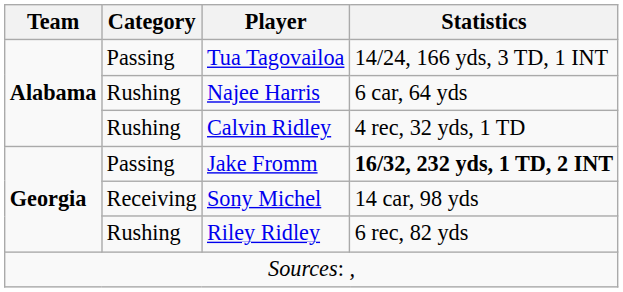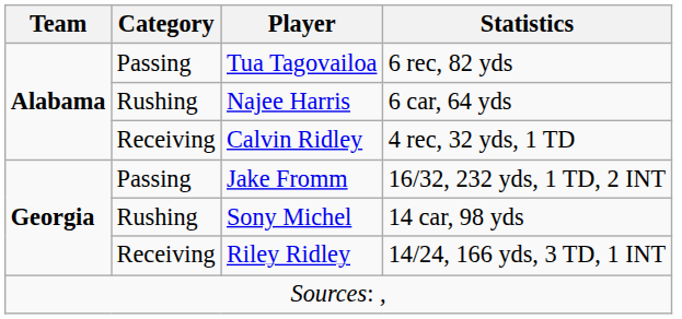 <table class="wikitable">
 <tr>
 <th>Team</th>
 <th>Category</th>
 <th>Player</th>
 <th>Statistics</th>
 </tr>
 <tr>
 <td rowspan=3><strong>Alabama</strong></td>
 <td>Passing</td>
 <td><a href='#'>Tua Tagovailoa</a></td>
-<td>14/24, 166 yds, 3 TD, 1 INT</td>
+<td>6 rec, 82 yds</td>
 </tr>
 <tr>
 <td>Rushing</td>
 <td><a href='#'>Najee Harris</a></td>
 <td>6 car, 64 yds</td>
 </tr>
 <tr>
-<td>Rushing</td>
+<td>Receiving</td>
 <td><a href='#'>Calvin Ridley</a></td>
 <td>4 rec, 32 yds, 1 TD</td>
 </tr>
 <tr>
 <td rowspan=3><strong>Georgia</strong></td>
 <td>Passing</td>
 <td><a href='#'>Jake Fromm</a></td>
-<td><strong>16/32, 232 yds, 1 TD, 2 INT</strong></td>
+<td>16/32, 232 yds, 1 TD, 2 INT</td>
 </tr>
 <tr>
-<td>Receiving</td>
+<td>Rushing</td>
 <td><a href='#'>Sony Michel</a></td>
 <td>14 car, 98 yds</td>
 </tr>
 <tr>
-<td>Rushing</td>
+<td>Receiving</td>
 <td><a href='#'>Riley Ridley</a></td>
-<td>6 rec, 82 yds</td>
+<td>14/24, 166 yds, 3 TD, 1 INT</td>
 </tr>
 <tr>
 <td colspan=4 style="text-align:center"><em>Sources</em>: <em>, </em></td>
 </tr>
 </table>
